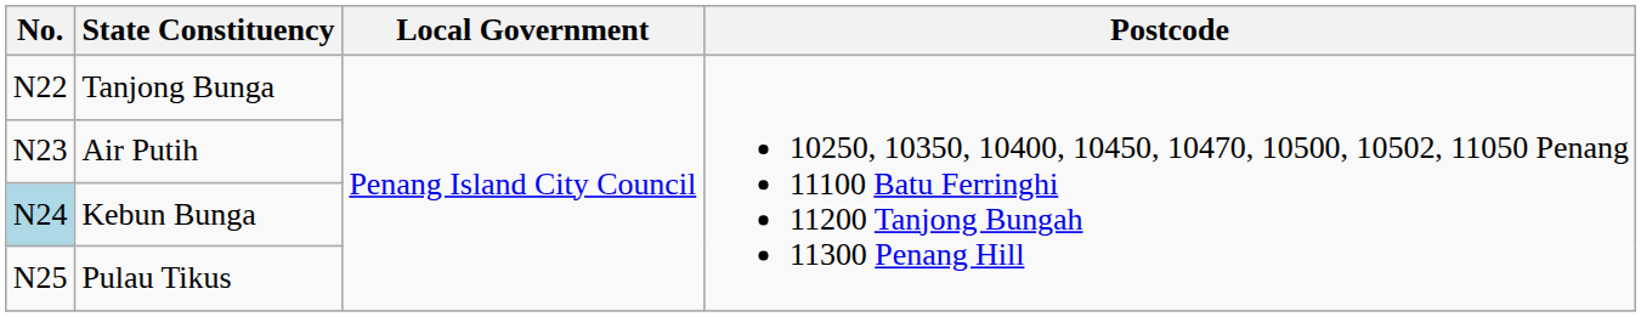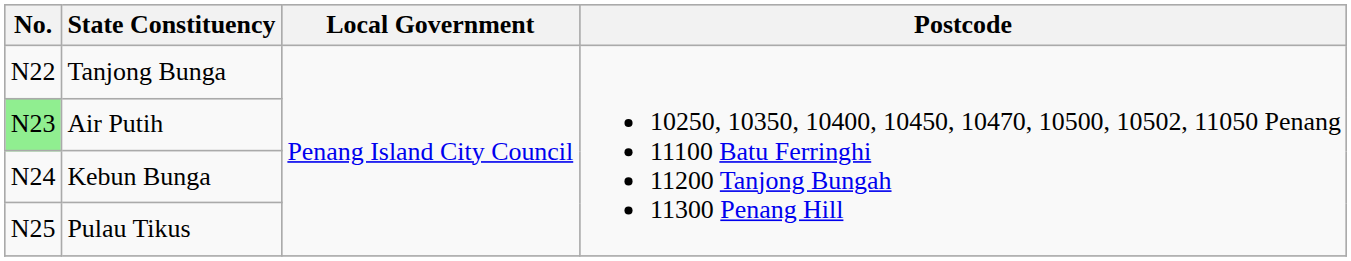 <table class="wikitable">
 <tr>
 <th>No.</th>
 <th>State Constituency</th>
 <th>Local Government</th>
 <th>Postcode</th>
 </tr>
 <tr>
 <td>N22</td>
 <td>Tanjong Bunga</td>
 <td rowspan="4"><a href='#'>Penang Island City Council</a></td>
 <td rowspan="4"><br><ul><li>10250, 10350, 10400, 10450, 10470, 10500, 10502, 11050 Penang</li><li>11100 <a href='#'>Batu Ferringhi</a></li><li>11200 <a href='#'>Tanjong Bungah</a></li><li>11300 <a href='#'>Penang Hill</a></li></ul></td>
 </tr>
 <tr>
-<td>N23</td>
+<td style="background: lightgreen;">N23</td>
 <td>Air Putih</td>
 </tr>
 <tr>
-<td style="background: lightblue;">N24</td>
+<td>N24</td>
 <td>Kebun Bunga</td>
 </tr>
 <tr>
 <td>N25</td>
 <td>Pulau Tikus</td>
 </tr>
 </table>
